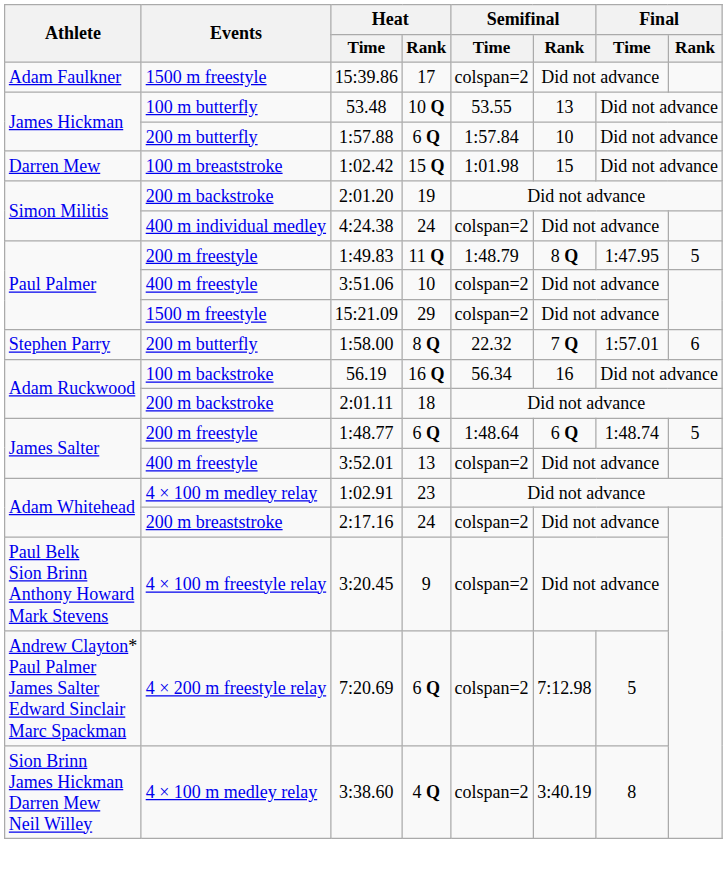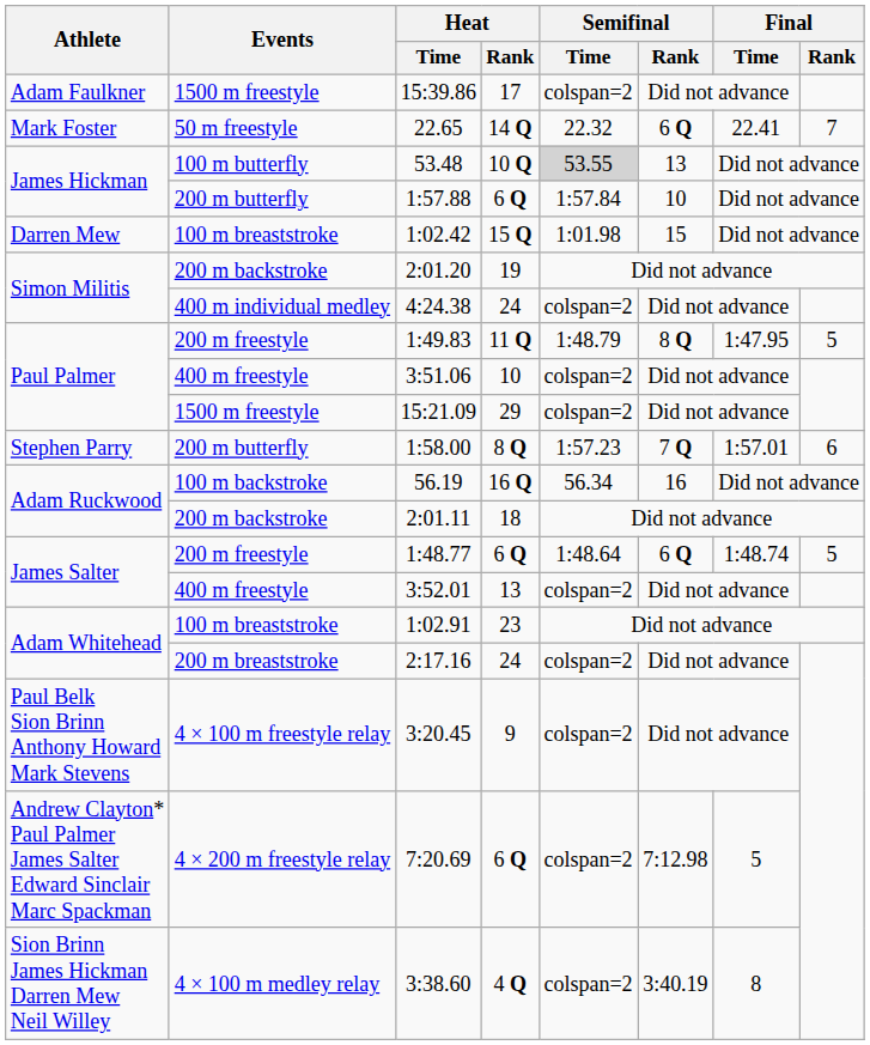 <table class=wikitable style="font-size:90%">
 <tr>
 <th rowspan="2">Athlete</th>
 <th rowspan="2">Events</th>
 <th colspan="2">Heat</th>
 <th colspan="2">Semifinal</th>
 <th colspan="2">Final</th>
 </tr>
 <tr style="font-size:95%">
 <th>Time</th>
 <th>Rank</th>
 <th>Time</th>
 <th>Rank</th>
 <th>Time</th>
 <th>Rank</th>
 </tr>
 <tr align=center>
 <td align=left><a href='#'>Adam Faulkner</a></td>
 <td align=left><a href='#'>1500 m freestyle</a></td>
 <td>15:39.86</td>
 <td>17</td>
 <td>colspan=2 </td>
 <td colspan=2>Did not advance</td>
 </tr>
 <tr align=center>
+<td align=left><a href='#'>Mark Foster</a></td>
+<td align=left><a href='#'>50 m freestyle</a></td>
+<td>22.65</td>
+<td>14 <strong>Q</strong></td>
+<td>22.32</td>
+<td>6 <strong>Q</strong></td>
+<td>22.41</td>
+<td>7</td>
+</tr>
+<tr align=center>
 <td align=left rowspan="2"><a href='#'>James Hickman</a></td>
 <td align=left><a href='#'>100 m butterfly</a></td>
 <td>53.48</td>
 <td>10 <strong>Q</strong></td>
-<td>53.55</td>
+<td style="background: lightgrey;">53.55</td>
 <td>13</td>
 <td colspan=2>Did not advance</td>
 </tr>
 <tr align=center>
 <td align=left><a href='#'>200 m butterfly</a></td>
 <td>1:57.88</td>
 <td>6 <strong>Q</strong></td>
 <td>1:57.84</td>
 <td>10</td>
 <td colspan=2>Did not advance</td>
 </tr>
 <tr align=center>
 <td align=left><a href='#'>Darren Mew</a></td>
 <td align=left><a href='#'>100 m breaststroke</a></td>
 <td>1:02.42</td>
 <td>15 <strong>Q</strong></td>
 <td>1:01.98</td>
 <td>15</td>
 <td colspan=2>Did not advance</td>
 </tr>
 <tr align=center>
 <td align=left rowspan="2"><a href='#'>Simon Militis</a></td>
 <td align=left><a href='#'>200 m backstroke</a></td>
 <td>2:01.20</td>
 <td>19</td>
 <td colspan=4>Did not advance</td>
 </tr>
 <tr align=center>
 <td align=left><a href='#'>400 m individual medley</a></td>
 <td>4:24.38</td>
 <td>24</td>
 <td>colspan=2 </td>
 <td colspan=2>Did not advance</td>
 </tr>
 <tr align=center>
 <td align=left rowspan="3"><a href='#'>Paul Palmer</a></td>
 <td align=left><a href='#'>200 m freestyle</a></td>
 <td>1:49.83</td>
 <td>11 <strong>Q</strong></td>
 <td>1:48.79</td>
 <td>8 <strong>Q</strong></td>
 <td>1:47.95</td>
 <td>5</td>
 </tr>
 <tr align=center>
 <td align=left><a href='#'>400 m freestyle</a></td>
 <td>3:51.06</td>
 <td>10</td>
 <td>colspan=2 </td>
 <td colspan=2>Did not advance</td>
 </tr>
 <tr align=center>
 <td align=left><a href='#'>1500 m freestyle</a></td>
 <td>15:21.09</td>
 <td>29</td>
 <td>colspan=2 </td>
 <td colspan=2>Did not advance</td>
 </tr>
 <tr align=center>
 <td align=left><a href='#'>Stephen Parry</a></td>
 <td align=left><a href='#'>200 m butterfly</a></td>
 <td>1:58.00</td>
 <td>8 <strong>Q</strong></td>
-<td>22.32</td>
+<td>1:57.23</td>
 <td>7 <strong>Q</strong></td>
 <td>1:57.01</td>
 <td>6</td>
 </tr>
 <tr align=center>
 <td align=left rowspan="2"><a href='#'>Adam Ruckwood</a></td>
 <td align=left><a href='#'>100 m backstroke</a></td>
 <td>56.19</td>
 <td>16 <strong>Q</strong></td>
 <td>56.34</td>
 <td>16</td>
 <td colspan=2>Did not advance</td>
 </tr>
 <tr align=center>
 <td align=left><a href='#'>200 m backstroke</a></td>
 <td>2:01.11</td>
 <td>18</td>
 <td colspan=4>Did not advance</td>
 </tr>
 <tr align=center>
 <td align=left rowspan="2"><a href='#'>James Salter</a></td>
 <td align=left><a href='#'>200 m freestyle</a></td>
 <td>1:48.77</td>
 <td>6 <strong>Q</strong></td>
 <td>1:48.64</td>
 <td>6 <strong>Q</strong></td>
 <td>1:48.74</td>
 <td>5</td>
 </tr>
 <tr align=center>
 <td align=left><a href='#'>400 m freestyle</a></td>
 <td>3:52.01</td>
 <td>13</td>
 <td>colspan=2 </td>
 <td colspan=2>Did not advance</td>
 </tr>
 <tr align=center>
 <td align=left rowspan="2"><a href='#'>Adam Whitehead</a></td>
-<td align=left><a href='#'>4 × 100 m medley relay</a></td>
+<td align=left><a href='#'>100 m breaststroke</a></td>
 <td>1:02.91</td>
 <td>23</td>
 <td colspan=4>Did not advance</td>
 </tr>
 <tr align=center>
 <td align=left><a href='#'>200 m breaststroke</a></td>
 <td>2:17.16</td>
 <td>24</td>
 <td>colspan=2 </td>
 <td colspan=2>Did not advance</td>
 </tr>
 <tr align=center>
 <td align=left><a href='#'>Paul Belk</a><br><a href='#'>Sion Brinn</a><br><a href='#'>Anthony Howard</a><br><a href='#'>Mark Stevens</a></td>
 <td align=left><a href='#'>4 × 100 m freestyle relay</a></td>
 <td>3:20.45</td>
 <td>9</td>
 <td>colspan=2 </td>
 <td colspan=2>Did not advance</td>
 </tr>
 <tr align=center>
 <td align=left><a href='#'>Andrew Clayton</a>*<br><a href='#'>Paul Palmer</a><br><a href='#'>James Salter</a><br><a href='#'>Edward Sinclair</a><br><a href='#'>Marc Spackman</a></td>
 <td align=left><a href='#'>4 × 200 m freestyle relay</a></td>
 <td>7:20.69</td>
 <td>6 <strong>Q</strong></td>
 <td>colspan=2 </td>
 <td>7:12.98</td>
 <td>5</td>
 </tr>
 <tr align=center>
 <td align=left><a href='#'>Sion Brinn</a><br><a href='#'>James Hickman</a><br><a href='#'>Darren Mew</a><br><a href='#'>Neil Willey</a></td>
 <td align=left><a href='#'>4 × 100 m medley relay</a></td>
 <td>3:38.60</td>
 <td>4 <strong>Q</strong></td>
 <td>colspan=2 </td>
 <td>3:40.19</td>
 <td>8</td>
 </tr>
 </table>
